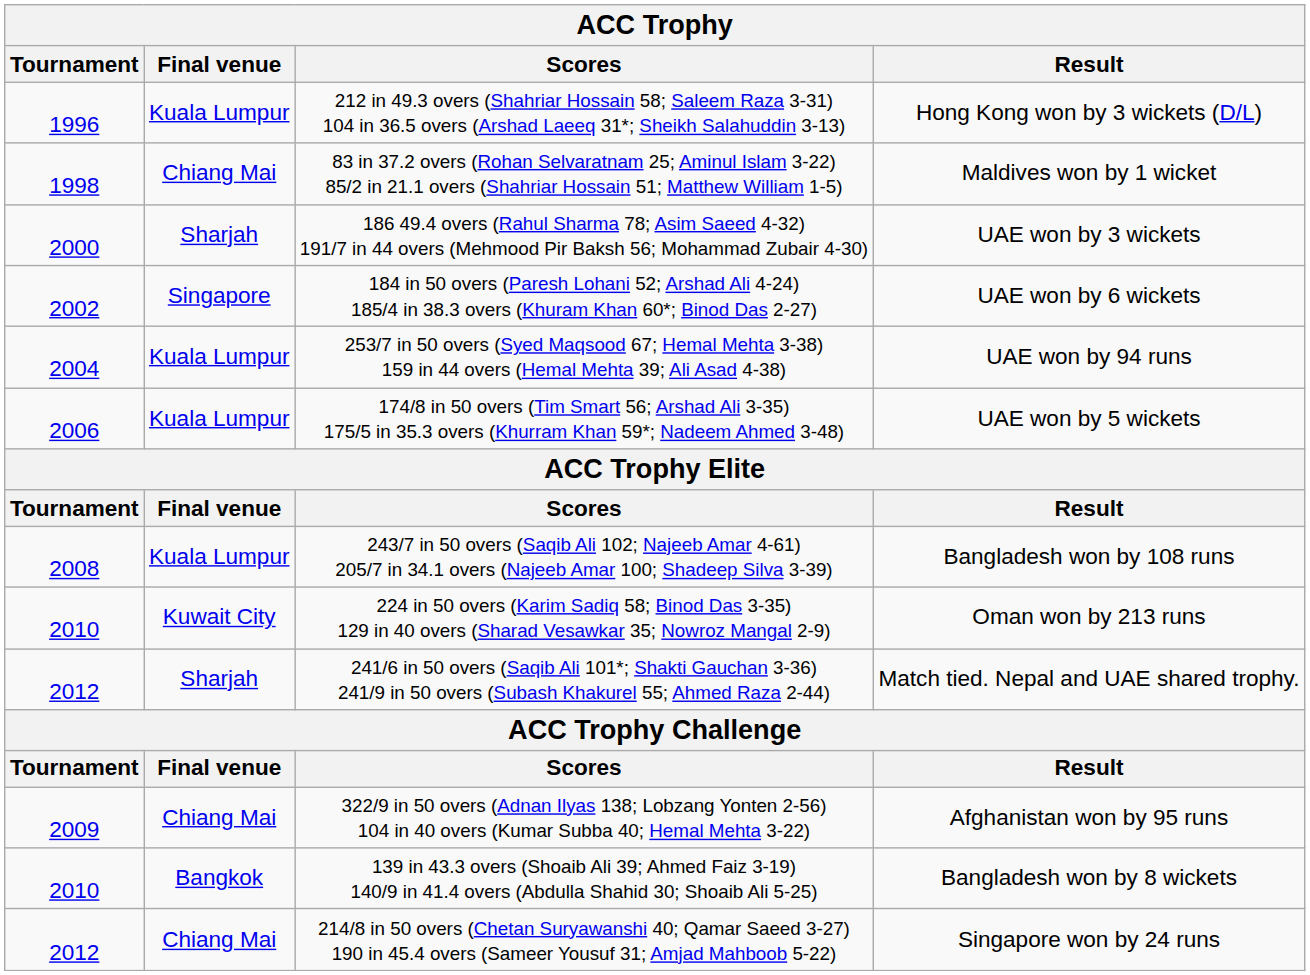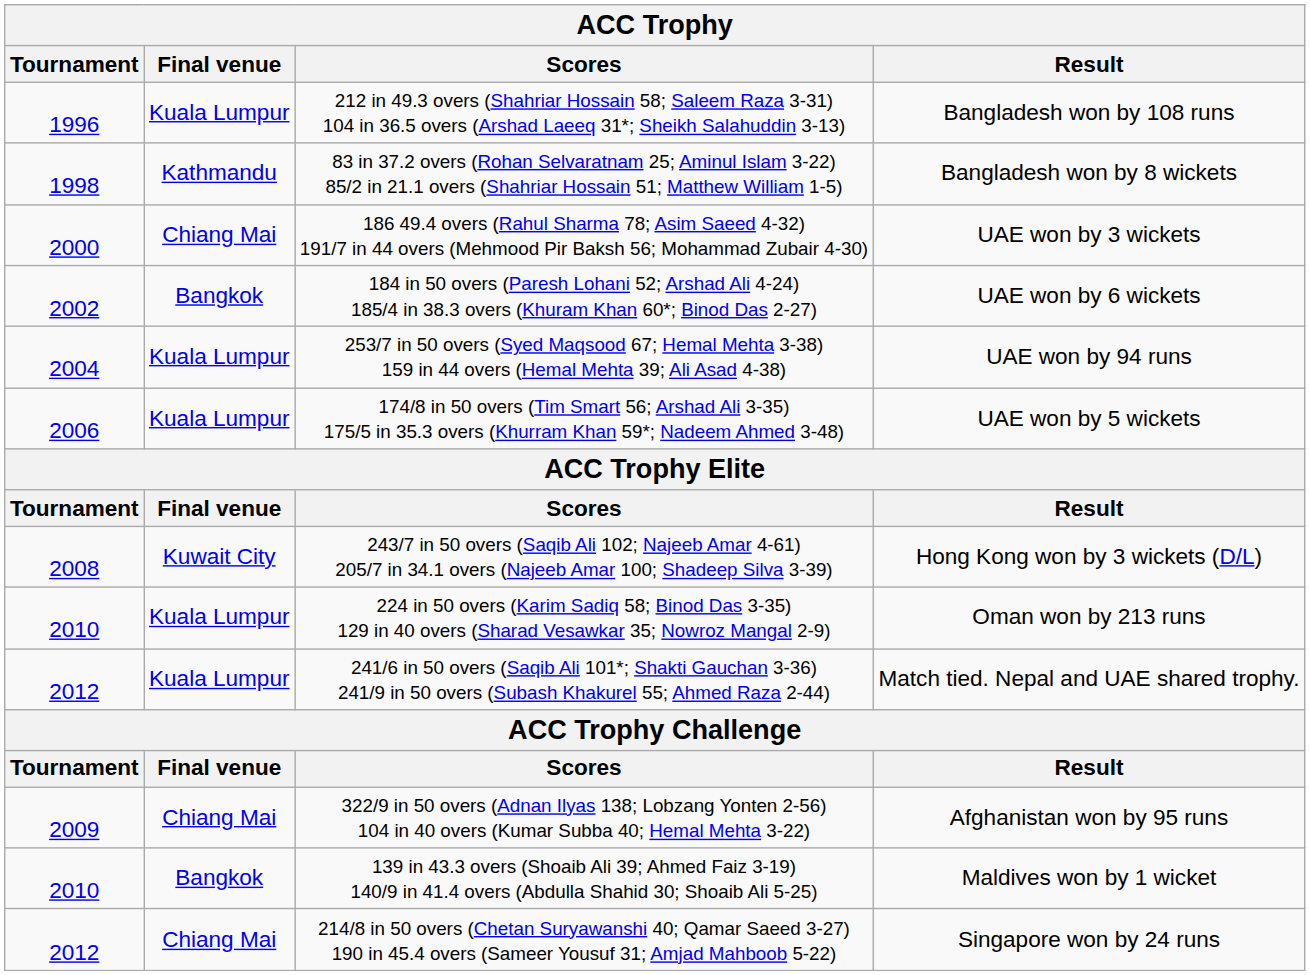 <table class="wikitable">
 <tr ---->
 <th colspan="4"><big><strong>ACC Trophy</strong></big></th>
 </tr>
 <tr ---->
 <th>Tournament</th>
 <th>Final venue</th>
 <th>Scores</th>
 <th>Result</th>
 </tr>
 <tr ---- align="center">
 <td><br><a href='#'>1996</a></td>
 <td><a href='#'>Kuala Lumpur</a></td>
 <td><small> 212 in 49.3 overs (<a href='#'>Shahriar Hossain</a> 58; <a href='#'>Saleem Raza</a> 3-31)<br> 104 in 36.5 overs (<a href='#'>Arshad Laeeq</a> 31*; <a href='#'>Sheikh Salahuddin</a> 3-13)</small></td>
-<td>Hong Kong won by 3 wickets (<a href='#'>D/L</a>)</td>
+<td>Bangladesh won by 108 runs</td>
 </tr>
 <tr ---- align="center">
 <td><br><a href='#'>1998</a></td>
-<td><a href='#'>Chiang Mai</a></td>
+<td><a href='#'>Kathmandu</a></td>
 <td><small> 83 in 37.2 overs (<a href='#'>Rohan Selvaratnam</a> 25; <a href='#'>Aminul Islam</a> 3-22)<br> 85/2 in 21.1 overs (<a href='#'>Shahriar Hossain</a> 51; <a href='#'>Matthew William</a> 1-5)</small></td>
-<td>Maldives won by 1 wicket</td>
+<td>Bangladesh won by 8 wickets</td>
 </tr>
 <tr ---- align="center">
 <td><br><a href='#'>2000</a></td>
-<td><a href='#'>Sharjah</a></td>
+<td><a href='#'>Chiang Mai</a></td>
 <td><small> 186 49.4 overs (<a href='#'>Rahul Sharma</a> 78; <a href='#'>Asim Saeed</a> 4-32)<br> 191/7 in 44 overs (Mehmood Pir Baksh 56; Mohammad Zubair 4-30)</small></td>
 <td>UAE won by 3 wickets</td>
 </tr>
 <tr ---- align="center">
 <td><br><a href='#'>2002</a></td>
-<td><a href='#'>Singapore</a></td>
+<td><a href='#'>Bangkok</a></td>
 <td><small> 184 in 50 overs (<a href='#'>Paresh Lohani</a> 52; <a href='#'>Arshad Ali</a> 4-24)<br> 185/4 in 38.3 overs (<a href='#'>Khuram Khan</a> 60*; <a href='#'>Binod Das</a> 2-27)</small></td>
 <td>UAE won by 6 wickets<br></td>
 </tr>
 <tr ---- align="center">
 <td><br><a href='#'>2004</a></td>
 <td><a href='#'>Kuala Lumpur</a></td>
 <td><small> 253/7 in 50 overs (<a href='#'>Syed Maqsood</a> 67; <a href='#'>Hemal Mehta</a> 3-38)<br> 159 in 44 overs (<a href='#'>Hemal Mehta</a> 39; <a href='#'>Ali Asad</a> 4-38)</small></td>
 <td>UAE won by 94 runs</td>
 </tr>
 <tr ---- align="center">
 <td><br><a href='#'>2006</a></td>
 <td><a href='#'>Kuala Lumpur</a></td>
 <td><small> 174/8 in 50 overs (<a href='#'>Tim Smart</a> 56; <a href='#'>Arshad Ali</a> 3-35)<br> 175/5 in 35.3 overs (<a href='#'>Khurram Khan</a> 59*; <a href='#'>Nadeem Ahmed</a> 3-48)</small></td>
 <td>UAE won by 5 wickets</td>
 </tr>
 <tr ---->
 <th colspan="4" align="center"><big><strong>ACC Trophy Elite</strong></big></th>
 </tr>
 <tr ---->
 <th>Tournament</th>
 <th>Final venue</th>
 <th>Scores</th>
 <th>Result</th>
 </tr>
 <tr ---- align="center">
 <td><br><a href='#'>2008</a></td>
-<td><a href='#'>Kuala Lumpur</a></td>
+<td><a href='#'>Kuwait City</a></td>
 <td><small> 243/7 in 50 overs (<a href='#'>Saqib Ali</a> 102; <a href='#'>Najeeb Amar</a> 4-61)<br> 205/7 in 34.1 overs (<a href='#'>Najeeb Amar</a> 100; <a href='#'>Shadeep Silva</a> 3-39)</small></td>
-<td>Bangladesh won by 108 runs</td>
+<td>Hong Kong won by 3 wickets (<a href='#'>D/L</a>)</td>
 </tr>
 <tr ---- align="center">
 <td><br><a href='#'>2010</a></td>
-<td><a href='#'>Kuwait City</a></td>
+<td><a href='#'>Kuala Lumpur</a></td>
 <td><small> 224 in 50 overs (<a href='#'>Karim Sadiq</a> 58; <a href='#'>Binod Das</a> 3-35)<br> 129 in 40 overs (<a href='#'>Sharad Vesawkar</a> 35; <a href='#'>Nowroz Mangal</a> 2-9)</small></td>
 <td>Oman won by 213 runs</td>
 </tr>
 <tr ---- align="center">
 <td><br><a href='#'>2012</a></td>
-<td><a href='#'>Sharjah</a></td>
+<td><a href='#'>Kuala Lumpur</a></td>
 <td><small> 241/6 in 50 overs (<a href='#'>Saqib Ali</a> 101*; <a href='#'>Shakti Gauchan</a> 3-36)<br> 241/9 in 50 overs (<a href='#'>Subash Khakurel</a> 55; <a href='#'>Ahmed Raza</a> 2-44)</small></td>
 <td>Match tied. Nepal and UAE shared trophy.</td>
 </tr>
 <tr ---->
 <th colspan="4" align="center"><big><strong>ACC Trophy Challenge</strong></big></th>
 </tr>
 <tr ---->
 <th>Tournament</th>
 <th>Final venue</th>
 <th>Scores</th>
 <th>Result</th>
 </tr>
 <tr ---- align="center">
 <td><br><a href='#'>2009</a></td>
 <td><a href='#'>Chiang Mai</a></td>
 <td><small> 322/9 in 50 overs (<a href='#'>Adnan Ilyas</a> 138; Lobzang Yonten 2-56)<br> 104 in 40 overs (Kumar Subba 40; <a href='#'>Hemal Mehta</a> 3-22)</small></td>
 <td>Afghanistan won by 95 runs</td>
 </tr>
 <tr ---- align="center">
 <td><br><a href='#'>2010</a></td>
 <td><a href='#'>Bangkok</a></td>
 <td><small> 139 in 43.3 overs (Shoaib Ali 39; Ahmed Faiz 3-19)<br> 140/9 in 41.4 overs (Abdulla Shahid 30; Shoaib Ali 5-25)</small></td>
-<td>Bangladesh won by 8 wickets</td>
+<td>Maldives won by 1 wicket</td>
 </tr>
 <tr ---- align="center">
 <td><br><a href='#'>2012</a></td>
 <td><a href='#'>Chiang Mai</a></td>
 <td><small> 214/8 in 50 overs (<a href='#'>Chetan Suryawanshi</a> 40; Qamar Saeed 3-27)<br> 190 in 45.4 overs (Sameer Yousuf 31; <a href='#'>Amjad Mahboob</a> 5-22)</small></td>
 <td>Singapore won by 24 runs</td>
 </tr>
 </table>
